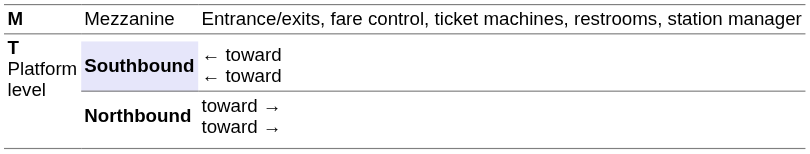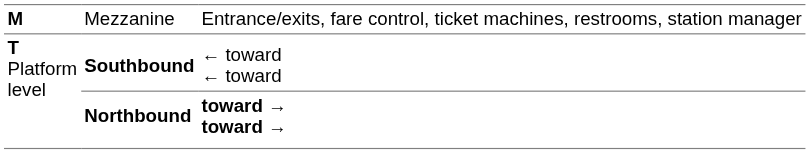 <table table border=0 cellspacing=0 cellpadding=3>
 <tr>
 <td style="border-top:solid 1px gray" width=50><strong>M</strong></td>
 <td style="border-top:solid 1px gray">Mezzanine</td>
 <td style="border-top:solid 1px gray">Entrance/exits, fare control, ticket machines, restrooms, station manager</td>
 </tr>
 <tr>
 <td style="border-top:solid 1px gray;border-bottom:solid 1px gray" rowspan=4 valign=top><strong>T</strong><br>Platform level</td>
 <td style="border-top:solid 1px gray;border-right:solid 2px var(--color-emphasized);border-left:solid 2px var(--color-emphasized);border-bottom:solid 2px var(--color-emphasized);text-align:center" colspan=2></td>
 </tr>
 <tr>
-<td style="background: lavender; border-bottom:solid 1px gray"><strong>Southbound</strong></td>
+<td style="border-bottom:solid 1px gray"><strong>Southbound</strong></td>
 <td style="border-bottom:solid 1px gray">←  toward  <br>←  toward  </td>
 </tr>
 <tr>
 <td><strong>Northbound</strong></td>
-<td>  toward   →<br>  toward   →</td>
+<td><strong>  toward   →<br>  toward   →</strong></td>
 </tr>
 <tr>
 <td style="border-top:solid 2px var(--color-emphasized);border-right:solid 2px var(--color-emphasized);border-left:solid 2px var(--color-emphasized);border-bottom:solid 1px gray;text-align:center" colspan=2></td>
 </tr>
 </table>
